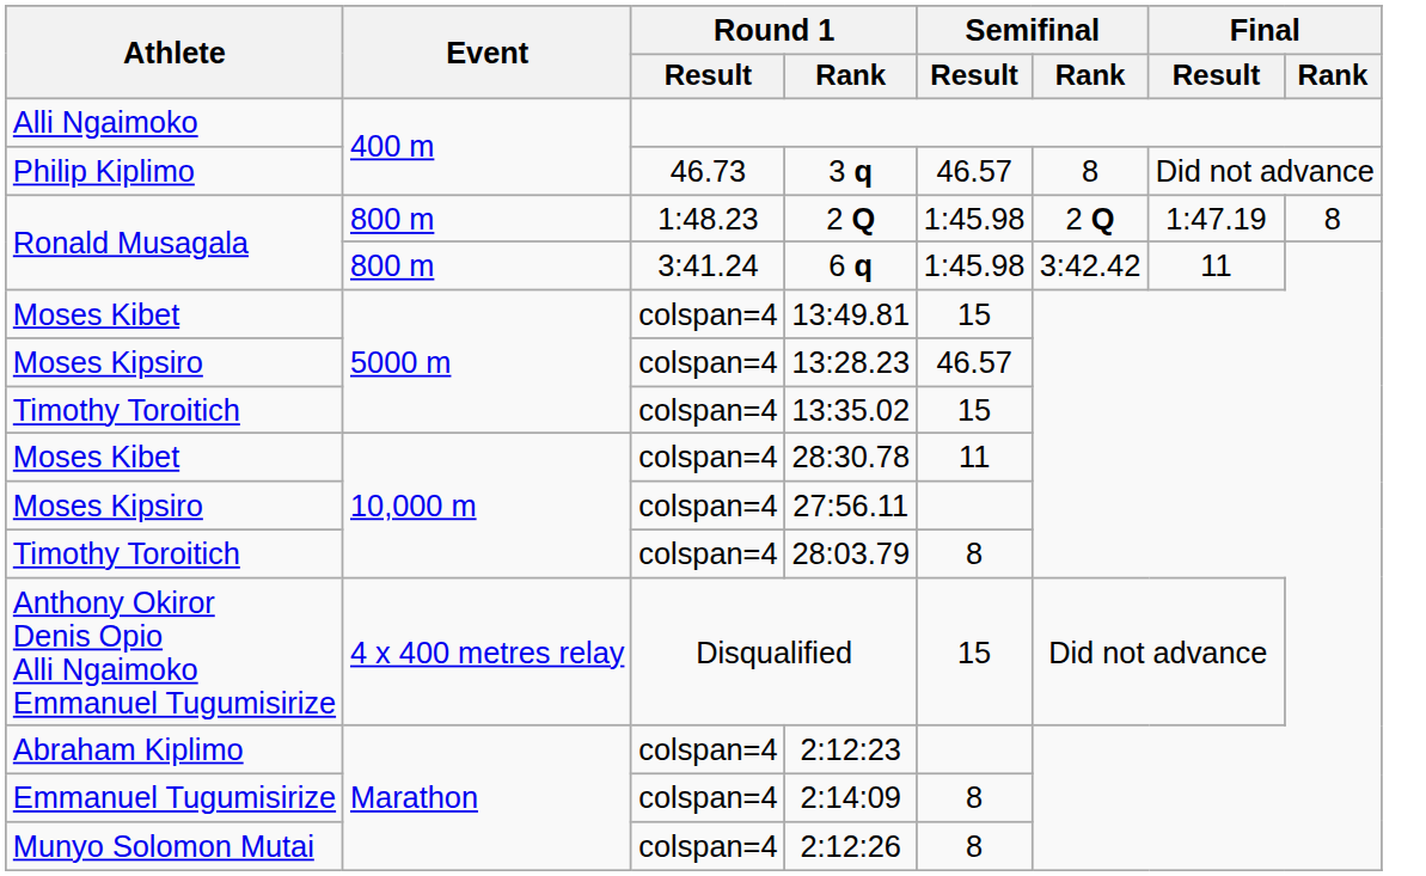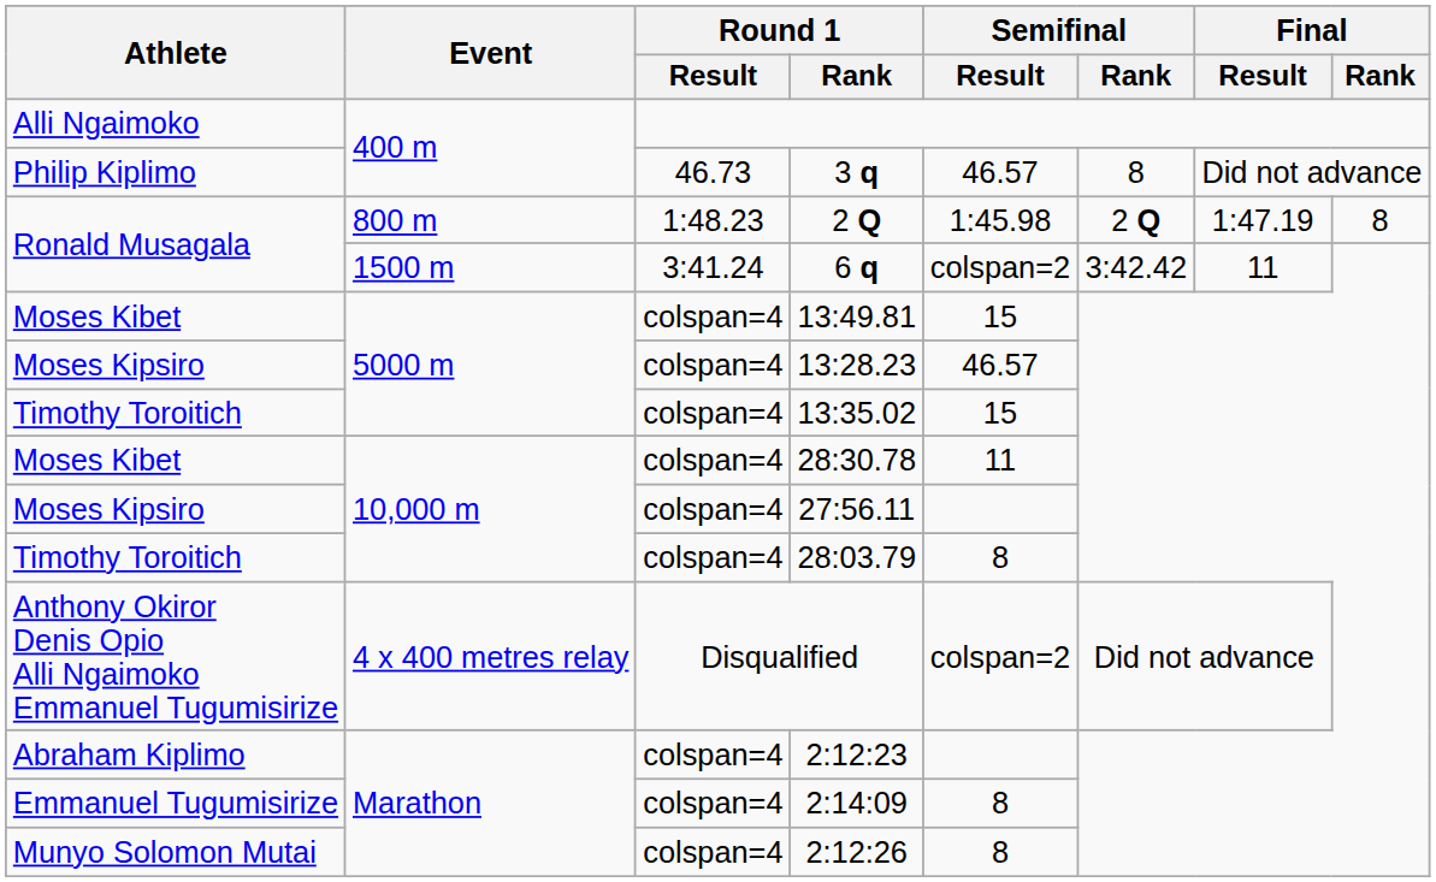 <table class=wikitable style="font-size:90%">
 <tr>
 <th rowspan="2">Athlete</th>
 <th rowspan="2">Event</th>
 <th colspan="2">Round 1</th>
 <th colspan="2">Semifinal</th>
 <th colspan="2">Final</th>
 </tr>
 <tr style="font-size:95%">
 <th>Result</th>
 <th>Rank</th>
 <th>Result</th>
 <th>Rank</th>
 <th>Result</th>
 <th>Rank</th>
 </tr>
 <tr align=center>
 <td align=left><a href='#'>Alli Ngaimoko</a></td>
 <td align=left rowspan="2"><a href='#'>400 m</a></td>
 <td colspan="6"></td>
 </tr>
 <tr align=center>
 <td align=left><a href='#'>Philip Kiplimo</a></td>
 <td>46.73</td>
 <td>3 <strong>q</strong></td>
 <td>46.57</td>
 <td>8</td>
 <td colspan="2">Did not advance</td>
 </tr>
 <tr align=center>
 <td align=left rowspan=2><a href='#'>Ronald Musagala</a></td>
 <td align=left><a href='#'>800 m</a></td>
 <td>1:48.23</td>
 <td>2 <strong>Q</strong></td>
 <td>1:45.98</td>
 <td>2 <strong>Q</strong></td>
 <td>1:47.19</td>
 <td>8</td>
 </tr>
 <tr align=center>
-<td align=left><a href='#'>800 m</a></td>
+<td align=left><a href='#'>1500 m</a></td>
 <td>3:41.24</td>
 <td>6 <strong>q</strong></td>
-<td>1:45.98</td>
+<td>colspan=2 </td>
 <td>3:42.42</td>
 <td>11</td>
 </tr>
 <tr align=center>
 <td align=left><a href='#'>Moses Kibet</a></td>
 <td align=left rowspan=3><a href='#'>5000 m</a></td>
 <td>colspan=4 </td>
 <td>13:49.81</td>
 <td>15</td>
 </tr>
 <tr align=center>
 <td align=left><a href='#'>Moses Kipsiro</a></td>
 <td>colspan=4 </td>
 <td>13:28.23</td>
 <td>46.57</td>
 </tr>
 <tr align=center>
 <td align=left><a href='#'>Timothy Toroitich</a></td>
 <td>colspan=4 </td>
 <td>13:35.02</td>
 <td>15</td>
 </tr>
 <tr align=center>
 <td align=left><a href='#'>Moses Kibet</a></td>
 <td align=left rowspan=3><a href='#'>10,000 m</a></td>
 <td>colspan=4 </td>
 <td>28:30.78</td>
 <td>11</td>
 </tr>
 <tr align=center>
 <td align=left><a href='#'>Moses Kipsiro</a></td>
 <td>colspan=4 </td>
 <td>27:56.11</td>
 <td></td>
 </tr>
 <tr align=center>
 <td align=left><a href='#'>Timothy Toroitich</a></td>
 <td>colspan=4 </td>
 <td>28:03.79</td>
 <td>8</td>
 </tr>
 <tr align=center>
 <td align=left><a href='#'>Anthony Okiror</a><br><a href='#'>Denis Opio</a><br><a href='#'>Alli Ngaimoko</a><br><a href='#'>Emmanuel Tugumisirize</a></td>
 <td align=left><a href='#'>4 x 400 metres relay</a></td>
 <td colspan=2>Disqualified</td>
-<td>15</td>
+<td>colspan=2 </td>
 <td colspan=2>Did not advance</td>
 </tr>
 <tr align=center>
 <td align=left><a href='#'>Abraham Kiplimo</a></td>
 <td align=left rowspan=3><a href='#'>Marathon</a></td>
 <td>colspan=4 </td>
 <td>2:12:23</td>
 <td></td>
 </tr>
 <tr align=center>
 <td align=left><a href='#'>Emmanuel Tugumisirize</a></td>
 <td>colspan=4 </td>
 <td>2:14:09</td>
 <td>8</td>
 </tr>
 <tr align=center>
 <td align=left><a href='#'>Munyo Solomon Mutai</a></td>
 <td>colspan=4 </td>
 <td>2:12:26</td>
 <td>8</td>
 </tr>
 </table>
